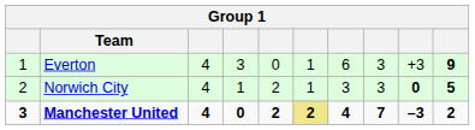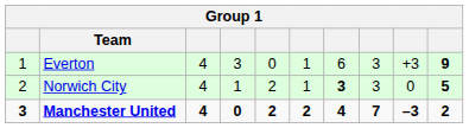 <table class="wikitable" style="text-align:center">
 <tr>
 <th colspan=10>Group 1</th>
 </tr>
 <tr>
 <th width=30></th>
 <th width=150>Team</th>
 <th width=30></th>
 <th width=30></th>
 <th width=30></th>
 <th width=30></th>
 <th width=30></th>
 <th width=30></th>
 <th width=30></th>
 <th width=30></th>
 </tr>
 <tr bgcolor="#ddffdd">
 <td>1</td>
 <td align=left><a href='#'>Everton</a></td>
 <td>4</td>
 <td>3</td>
 <td>0</td>
 <td>1</td>
 <td>6</td>
 <td>3</td>
 <td>+3</td>
 <td><strong>9</strong></td>
 </tr>
 <tr bgcolor="#ddffdd">
 <td>2</td>
 <td align=left><a href='#'>Norwich City</a></td>
 <td>4</td>
 <td>1</td>
 <td>2</td>
 <td>1</td>
+<td><strong>3</strong></td>
 <td>3</td>
-<td>3</td>
-<td><strong>0</strong></td>
+<td>0</td>
 <td><strong>5</strong></td>
 </tr>
 <tr>
 <td><strong>3</strong></td>
 <td align=left><strong><a href='#'>Manchester United</a></strong></td>
 <td><strong>4</strong></td>
 <td><strong>0</strong></td>
 <td><strong>2</strong></td>
-<td style="background: khaki;"><strong>2</strong></td>
+<td><strong>2</strong></td>
 <td><strong>4</strong></td>
 <td><strong>7</strong></td>
 <td><strong>–3</strong></td>
 <td><strong>2</strong></td>
 </tr>
 </table>
